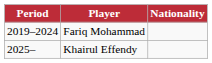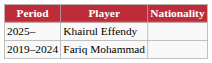 <table class="wikitable sortable">
 <tr>
 <th style="background-color:#bd2c38; color:white;">Period</th>
 <th style="background-color:#bd2c38; color:white;">Player</th>
 <th style="background-color:#bd2c38; color:white;">Nationality</th>
 </tr>
 <tr>
+<td>2025–</td>
+<td>Khairul Effendy</td>
+<td></td>
+</tr>
+<tr>
 <td>2019–2024</td>
 <td>Fariq Mohammad</td>
 <td></td>
 </tr>
-<tr>
-<td>2025–</td>
-<td>Khairul Effendy</td>
-<td></td>
-</tr>
 </table>
